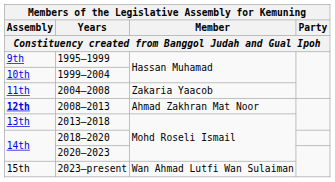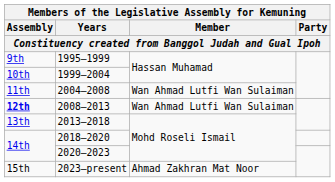 <table class=wikitable>
 <tr>
 <th colspan=4>Members of the Legislative Assembly for Kemuning</th>
 </tr>
 <tr>
 <th>Assembly</th>
 <th>Years</th>
 <th>Member</th>
 <th>Party</th>
 </tr>
 <tr>
 <th colspan=4 align=center><em>Constituency created from Banggol Judah and Gual Ipoh</em></th>
 </tr>
 <tr>
 <td><a href='#'>9th</a></td>
 <td>1995–1999</td>
 <td rowspan=2>Hassan Muhamad</td>
 <td rowspan=3></td>
 </tr>
 <tr>
 <td><a href='#'>10th</a></td>
 <td>1999–2004</td>
 </tr>
 <tr>
 <td><a href='#'>11th</a></td>
 <td>2004–2008</td>
-<td>Zakaria Yaacob</td>
+<td>Wan Ahmad Lutfi Wan Sulaiman</td>
 </tr>
 <tr>
 <td><strong><a href='#'>12th</a></strong></td>
 <td>2008–2013</td>
-<td>Ahmad Zakhran Mat Noor</td>
+<td>Wan Ahmad Lutfi Wan Sulaiman</td>
 <td rowspan=2></td>
 </tr>
 <tr>
 <td><a href='#'>13th</a></td>
 <td>2013–2018</td>
 <td rowspan="3">Mohd Roseli Ismail</td>
 </tr>
 <tr>
 <td rowspan="2"><a href='#'>14th</a></td>
 <td>2018–2020</td>
 <td></td>
 </tr>
 <tr>
 <td>2020–2023</td>
 <td rowspan="2"></td>
 </tr>
 <tr>
 <td>15th</td>
 <td>2023–present</td>
-<td>Wan Ahmad Lutfi Wan Sulaiman</td>
+<td>Ahmad Zakhran Mat Noor</td>
 </tr>
 </table>
